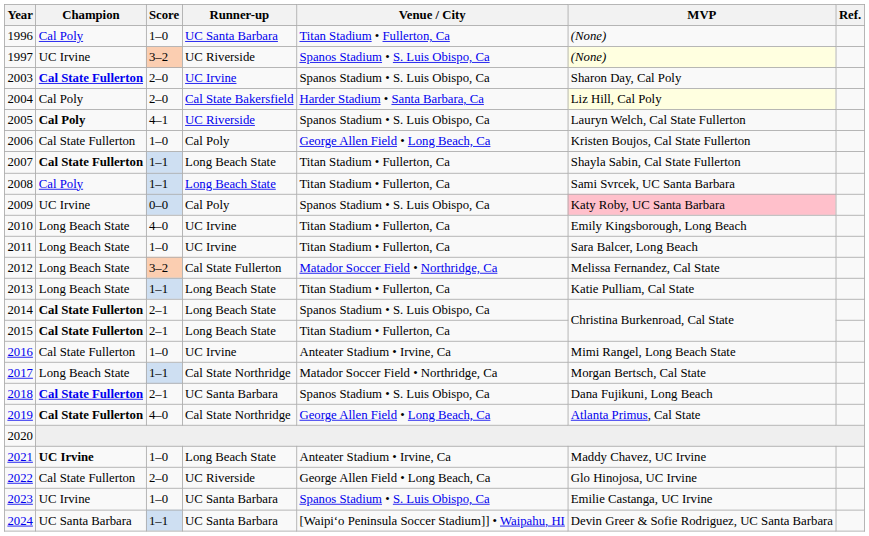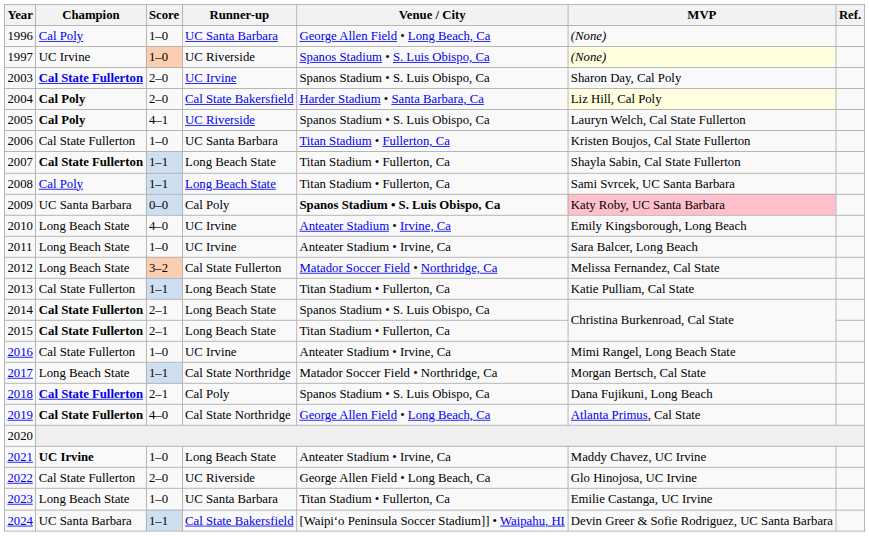 <table class="wikitable sortable" style="font-size: 95%;">
 <tr>
 <th width=px>Year</th>
 <th width=px>Champion</th>
 <th width=px>Score</th>
 <th width=px>Runner-up</th>
 <th width=px>Venue / City</th>
 <th width=px>MVP</th>
 <th width=px>Ref.</th>
 </tr>
 <tr>
 <td>1996</td>
 <td><a href='#'>Cal Poly</a> </td>
 <td>1–0</td>
 <td><a href='#'>UC Santa Barbara</a></td>
-<td><a href='#'>Titan Stadium</a> • <a href='#'>Fullerton, Ca</a></td>
+<td><a href='#'>George Allen Field</a> • <a href='#'>Long Beach, Ca</a></td>
 <td><em>(None)</em></td>
 <td></td>
 </tr>
 <tr>
 <td>1997</td>
 <td>UC Irvine </td>
-<td style="background-color:#FBCEB1">3–2 </td>
+<td style="background-color:#FBCEB1">1–0 </td>
 <td>UC Riverside</td>
 <td><a href='#'>Spanos Stadium</a> • <a href='#'>S. Luis Obispo, Ca</a></td>
 <td style="background: lightyellow;"><em>(None)</em></td>
 </tr>
 <tr>
 <td>2003</td>
 <td><strong><a href='#'>Cal State Fullerton</a></strong> </td>
 <td>2–0</td>
 <td><a href='#'>UC Irvine</a></td>
 <td>Spanos Stadium • S. Luis Obispo, Ca</td>
 <td>Sharon Day, Cal Poly</td>
 <td></td>
 </tr>
 <tr>
 <td>2004</td>
-<td>Cal Poly </td>
+<td><strong>Cal Poly </strong></td>
 <td>2–0</td>
 <td><a href='#'>Cal State Bakersfield</a></td>
 <td><a href='#'>Harder Stadium</a> • <a href='#'>Santa Barbara, Ca</a></td>
 <td style="background: lightyellow;">Liz Hill, Cal Poly</td>
 <td></td>
 </tr>
 <tr>
 <td>2005</td>
 <td><strong>Cal Poly</strong> </td>
 <td>4–1</td>
 <td><a href='#'>UC Riverside</a></td>
 <td>Spanos Stadium • S. Luis Obispo, Ca</td>
 <td>Lauryn Welch, Cal State Fullerton</td>
 <td></td>
 </tr>
 <tr>
 <td>2006</td>
 <td>Cal State Fullerton </td>
 <td>1–0</td>
-<td>Cal Poly</td>
-<td><a href='#'>George Allen Field</a> • <a href='#'>Long Beach, Ca</a></td>
+<td>UC Santa Barbara</td>
+<td><a href='#'>Titan Stadium</a> • <a href='#'>Fullerton, Ca</a></td>
 <td>Kristen Boujos, Cal State Fullerton</td>
 <td></td>
 </tr>
 <tr>
 <td>2007</td>
 <td><strong>Cal State Fullerton</strong> </td>
 <td style="background-color:#cedff2">1–1 </td>
 <td>Long Beach State</td>
 <td>Titan Stadium • Fullerton, Ca</td>
 <td>Shayla Sabin, Cal State Fullerton</td>
 <td></td>
 </tr>
 <tr>
 <td>2008</td>
 <td><a href='#'>Cal Poly</a> </td>
 <td style="background-color:#cedff2">1–1 </td>
 <td><a href='#'>Long Beach State</a></td>
 <td>Titan Stadium • Fullerton, Ca</td>
 <td>Sami Svrcek, UC Santa Barbara</td>
 <td></td>
 </tr>
 <tr>
 <td>2009</td>
-<td>UC Irvine </td>
+<td>UC Santa Barbara </td>
 <td style="background-color:#cedff2">0–0 </td>
 <td>Cal Poly</td>
-<td>Spanos Stadium • S. Luis Obispo, Ca</td>
+<td><strong>Spanos Stadium • S. Luis Obispo, Ca</strong></td>
 <td style="background: pink;">Katy Roby, UC Santa Barbara</td>
 <td></td>
 </tr>
 <tr>
 <td>2010</td>
 <td>Long Beach State </td>
 <td>4–0</td>
 <td>UC Irvine</td>
-<td>Titan Stadium • Fullerton, Ca</td>
+<td><a href='#'>Anteater Stadium</a> • <a href='#'>Irvine, Ca</a></td>
 <td>Emily Kingsborough, Long Beach</td>
 <td></td>
 </tr>
 <tr>
 <td>2011</td>
 <td>Long Beach State </td>
 <td>1–0</td>
 <td>UC Irvine</td>
-<td>Titan Stadium • Fullerton, Ca</td>
+<td>Anteater Stadium • Irvine, Ca</td>
 <td>Sara Balcer, Long Beach</td>
 <td></td>
 </tr>
 <tr>
 <td>2012</td>
 <td>Long Beach State </td>
 <td style="background-color:#FBCEB1">3–2 </td>
 <td>Cal State Fullerton</td>
 <td><a href='#'>Matador Soccer Field</a> • <a href='#'>Northridge, Ca</a></td>
 <td>Melissa Fernandez, Cal State</td>
 <td></td>
 </tr>
 <tr>
 <td>2013</td>
-<td>Long Beach State </td>
+<td>Cal State Fullerton </td>
 <td style="background-color:#cedff2">1–1 </td>
 <td>Long Beach State</td>
 <td>Titan Stadium • Fullerton, Ca</td>
 <td>Katie Pulliam, Cal State</td>
 <td></td>
 </tr>
 <tr>
 <td>2014</td>
 <td><strong>Cal State Fullerton</strong> </td>
 <td>2–1</td>
 <td>Long Beach State</td>
 <td>Spanos Stadium • S. Luis Obispo, Ca</td>
 <td rowspan=2>Christina Burkenroad, Cal State</td>
 <td></td>
 </tr>
 <tr>
 <td>2015</td>
 <td><strong>Cal State Fullerton</strong> </td>
 <td>2–1</td>
 <td>Long Beach State</td>
 <td>Titan Stadium • Fullerton, Ca</td>
 <td></td>
 </tr>
 <tr>
 <td><a href='#'>2016</a></td>
 <td>Cal State Fullerton </td>
 <td>1–0</td>
 <td>UC Irvine</td>
 <td>Anteater Stadium • Irvine, Ca</td>
 <td>Mimi Rangel, Long Beach State</td>
 <td></td>
 </tr>
 <tr>
 <td><a href='#'>2017</a></td>
 <td>Long Beach State </td>
 <td style="background-color:#cedff2">1–1 </td>
 <td>Cal State Northridge</td>
 <td>Matador Soccer Field • Northridge, Ca</td>
 <td>Morgan Bertsch, Cal State</td>
 <td></td>
 </tr>
 <tr>
 <td><a href='#'>2018</a></td>
 <td><strong><a href='#'>Cal State Fullerton</a></strong> </td>
 <td>2–1</td>
-<td>UC Santa Barbara</td>
+<td>Cal Poly</td>
 <td>Spanos Stadium • S. Luis Obispo, Ca</td>
 <td>Dana Fujikuni, Long Beach</td>
 <td></td>
 </tr>
 <tr>
 <td><a href='#'>2019</a></td>
 <td><strong>Cal State Fullerton</strong> </td>
 <td>4–0</td>
 <td>Cal State Northridge</td>
 <td><a href='#'>George Allen Field</a> • <a href='#'>Long Beach, Ca</a></td>
 <td><a href='#'>Atlanta Primus</a>, Cal State</td>
 <td></td>
 </tr>
 <tr>
 <td>2020</td>
 <td colspan=6 bgcolor=#efefef></td>
 </tr>
 <tr>
 <td><a href='#'>2021</a></td>
 <td><strong>UC Irvine</strong> </td>
 <td>1–0</td>
 <td>Long Beach State</td>
 <td>Anteater Stadium • Irvine, Ca</td>
 <td>Maddy Chavez, UC Irvine</td>
 <td></td>
 </tr>
 <tr>
 <td><a href='#'>2022</a></td>
 <td>Cal State Fullerton </td>
 <td>2–0</td>
 <td>UC Riverside</td>
 <td>George Allen Field • Long Beach, Ca</td>
 <td>Glo Hinojosa, UC Irvine</td>
 <td></td>
 </tr>
 <tr>
 <td><a href='#'>2023</a></td>
-<td>UC Irvine </td>
+<td>Long Beach State </td>
 <td>1–0</td>
 <td>UC Santa Barbara</td>
-<td><a href='#'>Spanos Stadium</a> • <a href='#'>S. Luis Obispo, Ca</a></td>
+<td>Titan Stadium • Fullerton, Ca</td>
 <td>Emilie Castanga, UC Irvine</td>
 <td></td>
 </tr>
 <tr>
 <td><a href='#'>2024</a></td>
 <td>UC Santa Barbara </td>
 <td style="background-color:#cedff2">1–1 </td>
-<td>UC Santa Barbara</td>
+<td><a href='#'>Cal State Bakersfield</a></td>
 <td>[Waipiʻo Peninsula Soccer Stadium]] • <a href='#'>Waipahu, HI</a></td>
 <td>Devin Greer & Sofie Rodriguez, UC Santa Barbara</td>
 <td></td>
 </tr>
 </table>
